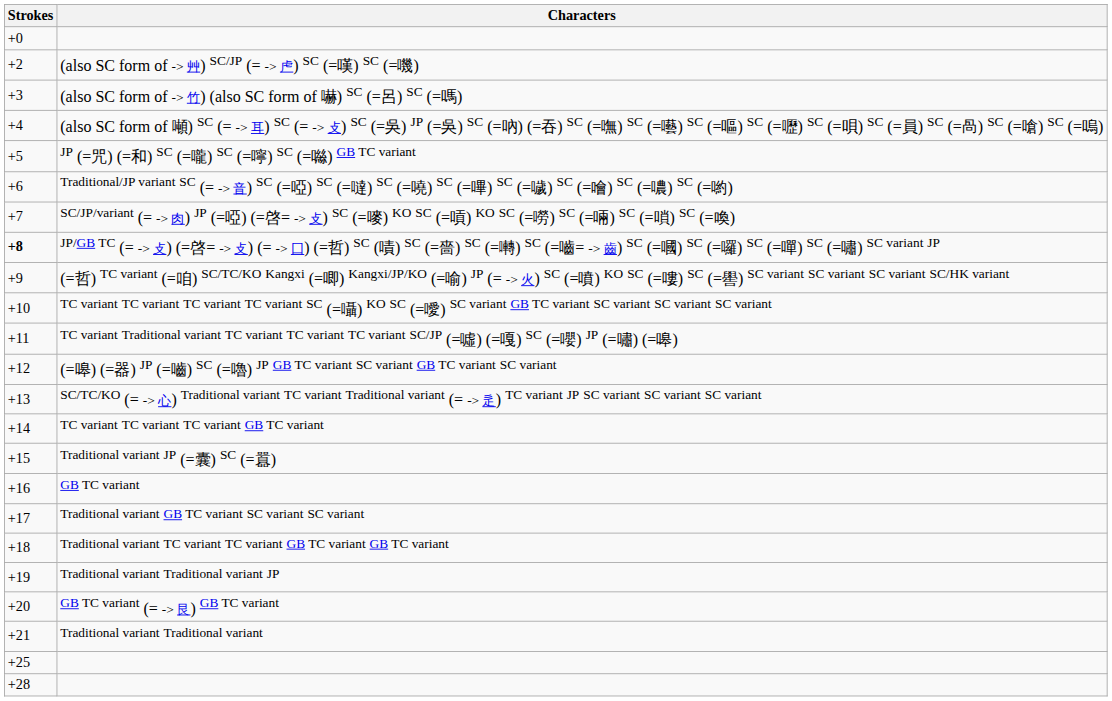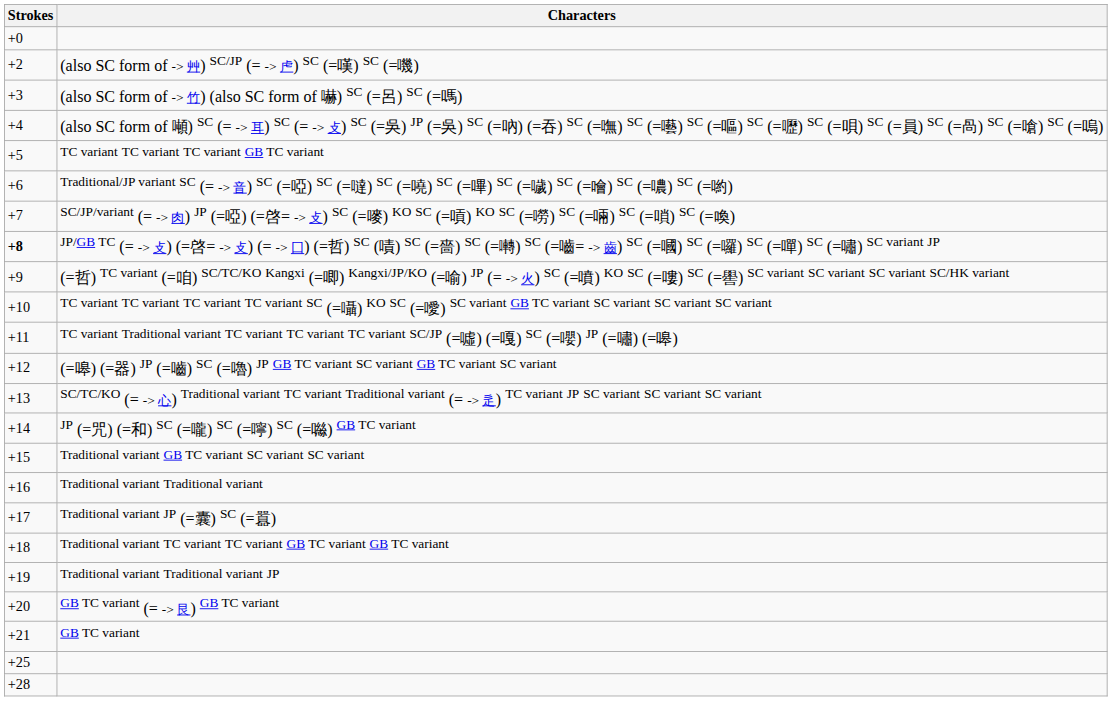 <table class="wikitable">
 <tr>
 <th>Strokes</th>
 <th>Characters</th>
 </tr>
 <tr --->
 <td>+0</td>
 <td style="font-size: large;"></td>
 </tr>
 <tr --->
 <td>+2</td>
 <td style="font-size: large;">                   (also SC form of  <small>-> <a href='#'>艸</a></small>) <sup>SC/JP</sup> (= <small>-> <a href='#'>虍</a></small>)  <sup>SC</sup> (=嘆)    <sup>SC</sup> (=嘰)</td>
 </tr>
 <tr --->
 <td>+3</td>
 <td style="font-size: large;">    (also SC form of  <small>-> <a href='#'>竹</a></small>)                   (also SC form of 嚇)  <sup>SC</sup> (=呂)  <sup>SC</sup> (=嗎) </td>
 </tr>
 <tr --->
 <td>+4</td>
 <td style="font-size: large;">                 (also SC form of 噸)    <sup>SC</sup> (= <small>-> <a href='#'>耳</a></small>)   <sup>SC</sup> (= <small>-> <a href='#'>攴</a></small>)     <sup>SC</sup> (=吳)                    <sup>JP</sup> (=吳)       <sup>SC</sup> (=吶)  (=吞) <sup>SC</sup> (=嘸) <sup>SC</sup> (=囈)  <sup>SC</sup> (=嘔) <sup>SC</sup> (=嚦) <sup>SC</sup> (=唄) <sup>SC</sup> (=員) <sup>SC</sup> (=咼)  <sup>SC</sup> (=嗆) <sup>SC</sup> (=嗚)</td>
 </tr>
 <tr --->
 <td>+5</td>
-<td style="font-size: large;">             <sup>JP</sup> (=咒)                                 (=和)               <sup>SC</sup> (=嚨)  <sup>SC</sup> (=嚀)  <sup>SC</sup> (=噝) <sup><a href='#'>GB</a> TC variant</sup></td>
+<td style="font-size: large;">     <sup>TC variant</sup> <sup>TC variant</sup>  <sup>TC variant</sup>              <sup><a href='#'>GB</a> TC variant</sup></td>
 </tr>
 <tr --->
 <td>+6</td>
 <td style="font-size: large;">                              <sup>Traditional/JP variant</sup>                 <sup>SC</sup> (= <small>-> <a href='#'>音</a></small>)    <sup>SC</sup> (=啞) <sup>SC</sup> (=噠) <sup>SC</sup> (=嘵) <sup>SC</sup> (=嗶) <sup>SC</sup> (=噦)    <sup>SC</sup> (=噲)    <sup>SC</sup> (=噥)  <sup>SC</sup> (=喲)</td>
 </tr>
 <tr --->
 <td>+7</td>
 <td style="font-size: large;">                                       <sup>SC/JP/variant</sup> (= <small>-> <a href='#'>肉</a></small>)               <sup>JP</sup> (=啞)     (=啓= <small>-> <a href='#'>攴</a></small>)   <sup>SC</sup> (=嘜) <sup>KO</sup> <sup>SC</sup> (=嗊)  <sup>KO</sup> <sup>SC</sup> (=嘮) <sup>SC</sup> (=啢) <sup>SC</sup> (=嗩)  <sup>SC</sup> (=喚)   </td>
 </tr>
 <tr --->
 <td><strong>+8</strong></td>
 <td style="font-size: large;">                                         <sup>JP/<a href='#'>GB</a> TC</sup> (= <small>-> <a href='#'>攴</a></small>)  (=啓= <small>-> <a href='#'>攴</a></small>)       (= <small>-> <a href='#'>囗</a></small>)      (=哲)       <sup>SC</sup> (嘖)     <sup>SC</sup> (=嗇) <sup>SC</sup> (=囀) <sup>SC</sup> (=嚙= <small>-> <a href='#'>齒</a></small>) <sup>SC</sup> (=嘓) <sup>SC</sup> (=囉)    <sup>SC</sup> (=嘽)   <sup>SC</sup> (=嘯)  <sup>SC variant</sup> <sup>JP</sup></td>
 </tr>
 <tr --->
 <td>+9</td>
 <td style="font-size: large;">              (=哲)        <sup>TC variant</sup>     (=咱)           <sup>SC/TC/KO</sup> <sup>Kangxi</sup> (=唧)           <sup>Kangxi/JP/KO</sup> (=喻)             <sup>JP</sup> (= <small>-> <a href='#'>火</a></small>) <sup>SC</sup> (=噴) <sup>KO</sup>     <sup>SC</sup> (=嘍) <sup>SC</sup> (=嚳) <sup>SC variant</sup> <sup>SC variant</sup> <sup>SC variant</sup> <sup>SC/HK variant</sup></td>
 </tr>
 <tr --->
 <td>+10</td>
 <td style="font-size: large;">                <sup>TC variant</sup>   <sup>TC variant</sup>     <sup>TC variant</sup>           <sup>TC variant</sup>         <sup>SC</sup> (=囁)  <sup>KO</sup>      <sup>SC</sup> (=噯)  <sup>SC variant</sup> <sup><a href='#'>GB</a> TC variant</sup> <sup>SC variant</sup> <sup>SC variant</sup> <sup>SC variant</sup></td>
 </tr>
 <tr --->
 <td>+11</td>
 <td style="font-size: large;"><sup>TC variant</sup> <sup>Traditional variant</sup> <sup>TC variant</sup> <sup>TC variant</sup>    <sup>TC variant</sup>                             <sup>SC/JP</sup> (=噓)         (=嘎)    <sup>SC</sup> (=嚶)    <sup>JP</sup> (=嘯)   (=嗥)</td>
 </tr>
 <tr --->
 <td>+12</td>
 <td style="font-size: large;">              (=嗥)                        (=器)          <sup>JP</sup> (=嚙) <sup>SC</sup> (=嚕)  <sup>JP</sup>  <sup><a href='#'>GB</a> TC variant</sup> <sup>SC variant</sup> <sup><a href='#'>GB</a> TC variant</sup> <sup>SC variant</sup></td>
 </tr>
 <tr --->
 <td>+13</td>
 <td style="font-size: large;"><sup>SC/TC/KO</sup>   (= <small>-> <a href='#'>心</a></small>) <sup>Traditional variant</sup>  <sup>TC variant</sup>     <sup>Traditional variant</sup>             (= <small>-> <a href='#'>辵</a></small>) <sup>TC variant</sup>    <sup>JP</sup>     <sup>SC variant</sup> <sup>SC variant</sup> <sup>SC variant</sup></td>
 </tr>
 <tr --->
 <td>+14</td>
-<td style="font-size: large;">     <sup>TC variant</sup> <sup>TC variant</sup>  <sup>TC variant</sup>              <sup><a href='#'>GB</a> TC variant</sup></td>
+<td style="font-size: large;">             <sup>JP</sup> (=咒)                                 (=和)               <sup>SC</sup> (=嚨)  <sup>SC</sup> (=嚀)  <sup>SC</sup> (=噝) <sup><a href='#'>GB</a> TC variant</sup></td>
 </tr>
 <tr --->
 <td>+15</td>
-<td style="font-size: large;">         <sup>Traditional variant</sup>     <sup>JP</sup> (=囊) <sup>SC</sup> (=囂)</td>
+<td style="font-size: large;">   <sup>Traditional variant</sup>       <sup><a href='#'>GB</a> TC variant</sup> <sup>SC variant</sup> <sup>SC variant</sup></td>
 </tr>
 <tr --->
 <td>+16</td>
-<td style="font-size: large;">             <sup><a href='#'>GB</a> TC variant</sup></td>
+<td style="font-size: large;"><sup>Traditional variant</sup>   <sup>Traditional variant</sup>   </td>
 </tr>
 <tr --->
 <td>+17</td>
-<td style="font-size: large;">   <sup>Traditional variant</sup>       <sup><a href='#'>GB</a> TC variant</sup> <sup>SC variant</sup> <sup>SC variant</sup></td>
+<td style="font-size: large;">         <sup>Traditional variant</sup>     <sup>JP</sup> (=囊) <sup>SC</sup> (=囂)</td>
 </tr>
 <tr --->
 <td>+18</td>
 <td style="font-size: large;">  <sup>Traditional variant</sup> <sup>TC variant</sup> <sup>TC variant</sup>      <sup><a href='#'>GB</a> TC variant</sup> <sup><a href='#'>GB</a> TC variant</sup></td>
 </tr>
 <tr --->
 <td>+19</td>
 <td style="font-size: large;"> <sup>Traditional variant</sup>  <sup>Traditional variant</sup>    <sup>JP</sup></td>
 </tr>
 <tr --->
 <td>+20</td>
 <td style="font-size: large;"><sup><a href='#'>GB</a> TC variant</sup>  (= <small>-> <a href='#'>艮</a></small>)  <sup><a href='#'>GB</a> TC variant</sup></td>
 </tr>
 <tr --->
 <td>+21</td>
-<td style="font-size: large;"><sup>Traditional variant</sup>   <sup>Traditional variant</sup>   </td>
+<td style="font-size: large;">             <sup><a href='#'>GB</a> TC variant</sup></td>
 </tr>
 <tr --->
 <td>+25</td>
 <td style="font-size: large;"></td>
 </tr>
 <tr --->
 <td>+28</td>
 <td style="font-size: large;"></td>
 </tr>
 </table>
